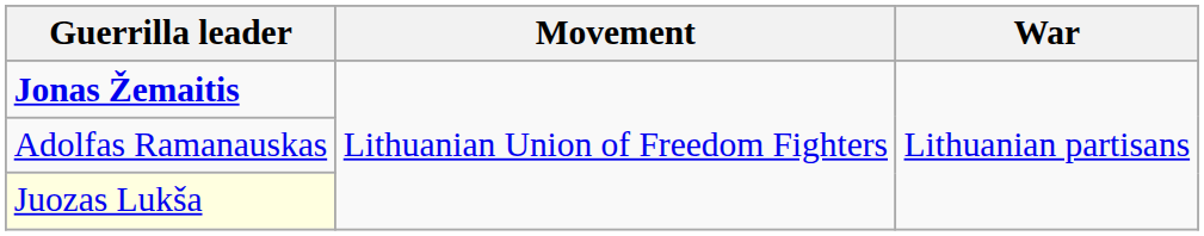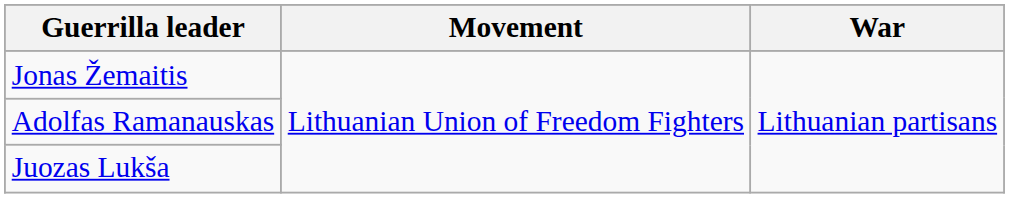 <table class="wikitable">
 <tr>
 <th>Guerrilla leader</th>
 <th>Movement</th>
 <th>War</th>
 </tr>
 <tr>
-<td><strong><a href='#'>Jonas Žemaitis</a></strong></td>
+<td><a href='#'>Jonas Žemaitis</a></td>
 <td rowspan="3"><a href='#'>Lithuanian Union of Freedom Fighters</a></td>
 <td rowspan="3"><a href='#'>Lithuanian partisans</a></td>
 </tr>
 <tr>
 <td><a href='#'>Adolfas Ramanauskas</a></td>
 </tr>
 <tr>
-<td style="background: lightyellow;"><a href='#'>Juozas Lukša</a></td>
+<td><a href='#'>Juozas Lukša</a></td>
 </tr>
 </table>
